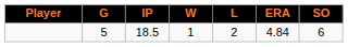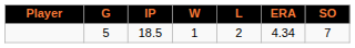 <table class="wikitable sortable">
 <tr>
 <th style="background:black;color:#f47937;" width="16%">Player</th>
 <th style="background:black;color:#f47937;" width="9%">G</th>
 <th style="background:black;color:#f47937;" width="9%">IP</th>
 <th style="background:black;color:#f47937;" width="9%">W</th>
 <th style="background:black;color:#f47937;" width="9%">L</th>
 <th style="background:black;color:#f47937;" width="9%">ERA</th>
 <th style="background:black;color:#f47937;" width="9%">SO</th>
 </tr>
 <tr align="center">
 <td></td>
 <td>5</td>
 <td>18.5</td>
 <td>1</td>
 <td>2</td>
-<td>4.84</td>
-<td>6</td>
+<td>4.34</td>
+<td>7</td>
 </tr>
 </table>
